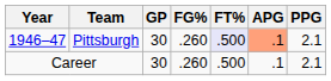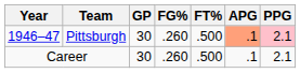 <table class="wikitable sortable" style="font-size:95%; text-align:right;">
 <tr>
 <th>Year</th>
 <th>Team</th>
 <th>GP</th>
 <th>FG%</th>
 <th>FT%</th>
 <th>APG</th>
 <th>PPG</th>
 </tr>
 <tr>
 <td style="text-align:left;"><a href='#'>1946–47</a></td>
 <td style="text-align:left;"><a href='#'>Pittsburgh</a></td>
 <td>30</td>
 <td>.260</td>
-<td style="background: lavender;">.500</td>
+<td>.500</td>
 <td style="background: lightsalmon;">.1</td>
-<td>2.1</td>
+<td style="background: pink;">2.1</td>
 </tr>
 <tr>
 <td style="text-align:center;" colspan="2">Career</td>
 <td>30</td>
 <td>.260</td>
 <td>.500</td>
 <td>.1</td>
 <td>2.1</td>
 </tr>
 </table>
